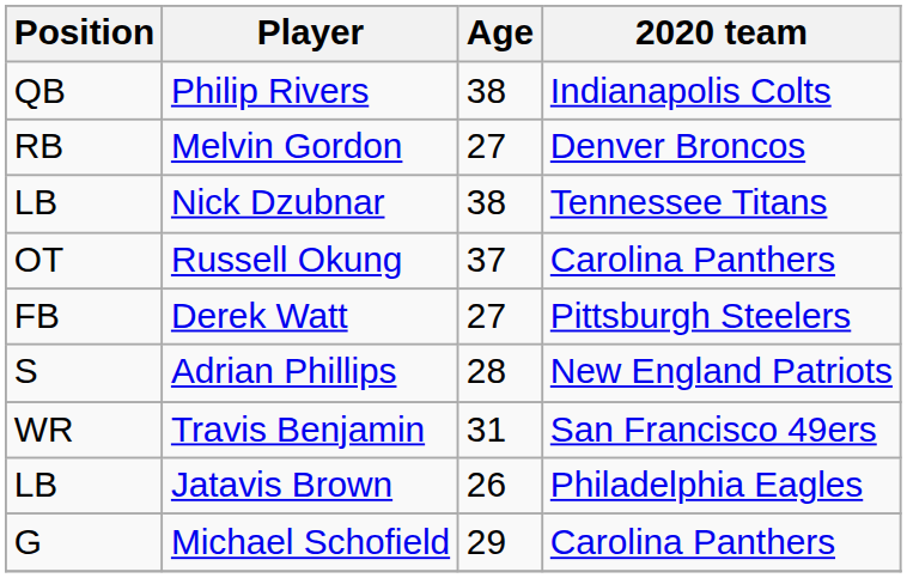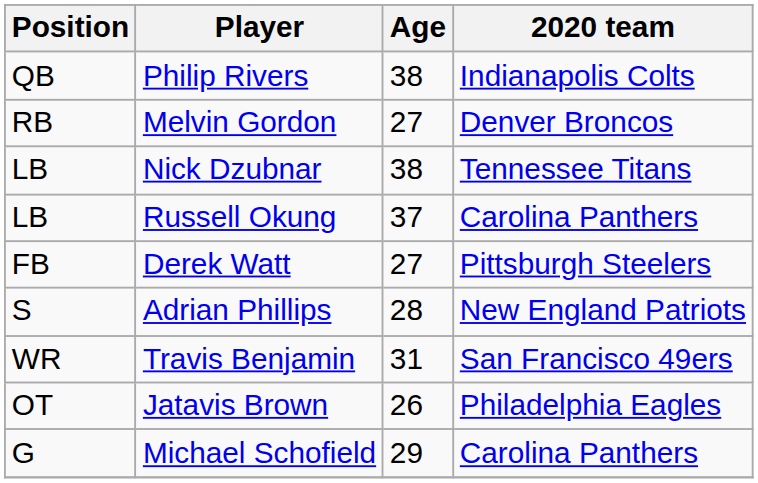 <table class="wikitable">
 <tr>
 <th>Position</th>
 <th>Player</th>
 <th>Age</th>
 <th>2020 team</th>
 </tr>
 <tr>
 <td>QB</td>
 <td><a href='#'>Philip Rivers</a></td>
 <td>38</td>
 <td><a href='#'>Indianapolis Colts</a></td>
 </tr>
 <tr>
 <td>RB</td>
 <td><a href='#'>Melvin Gordon</a></td>
 <td>27</td>
 <td><a href='#'>Denver Broncos</a></td>
 </tr>
 <tr>
 <td>LB</td>
 <td><a href='#'>Nick Dzubnar</a></td>
 <td>38</td>
 <td><a href='#'>Tennessee Titans</a></td>
 </tr>
 <tr>
-<td>OT</td>
+<td>LB</td>
 <td><a href='#'>Russell Okung</a></td>
 <td>37</td>
 <td><a href='#'>Carolina Panthers</a></td>
 </tr>
 <tr>
 <td>FB</td>
 <td><a href='#'>Derek Watt</a></td>
 <td>27</td>
 <td><a href='#'>Pittsburgh Steelers</a></td>
 </tr>
 <tr>
 <td>S</td>
 <td><a href='#'>Adrian Phillips</a></td>
 <td>28</td>
 <td><a href='#'>New England Patriots</a></td>
 </tr>
 <tr>
 <td>WR</td>
 <td><a href='#'>Travis Benjamin</a></td>
 <td>31</td>
 <td><a href='#'>San Francisco 49ers</a></td>
 </tr>
 <tr>
-<td>LB</td>
+<td>OT</td>
 <td><a href='#'>Jatavis Brown</a></td>
 <td>26</td>
 <td><a href='#'>Philadelphia Eagles</a></td>
 </tr>
 <tr>
 <td>G</td>
 <td><a href='#'>Michael Schofield</a></td>
 <td>29</td>
 <td><a href='#'>Carolina Panthers</a></td>
 </tr>
 <tr>
 </tr>
 </table>
